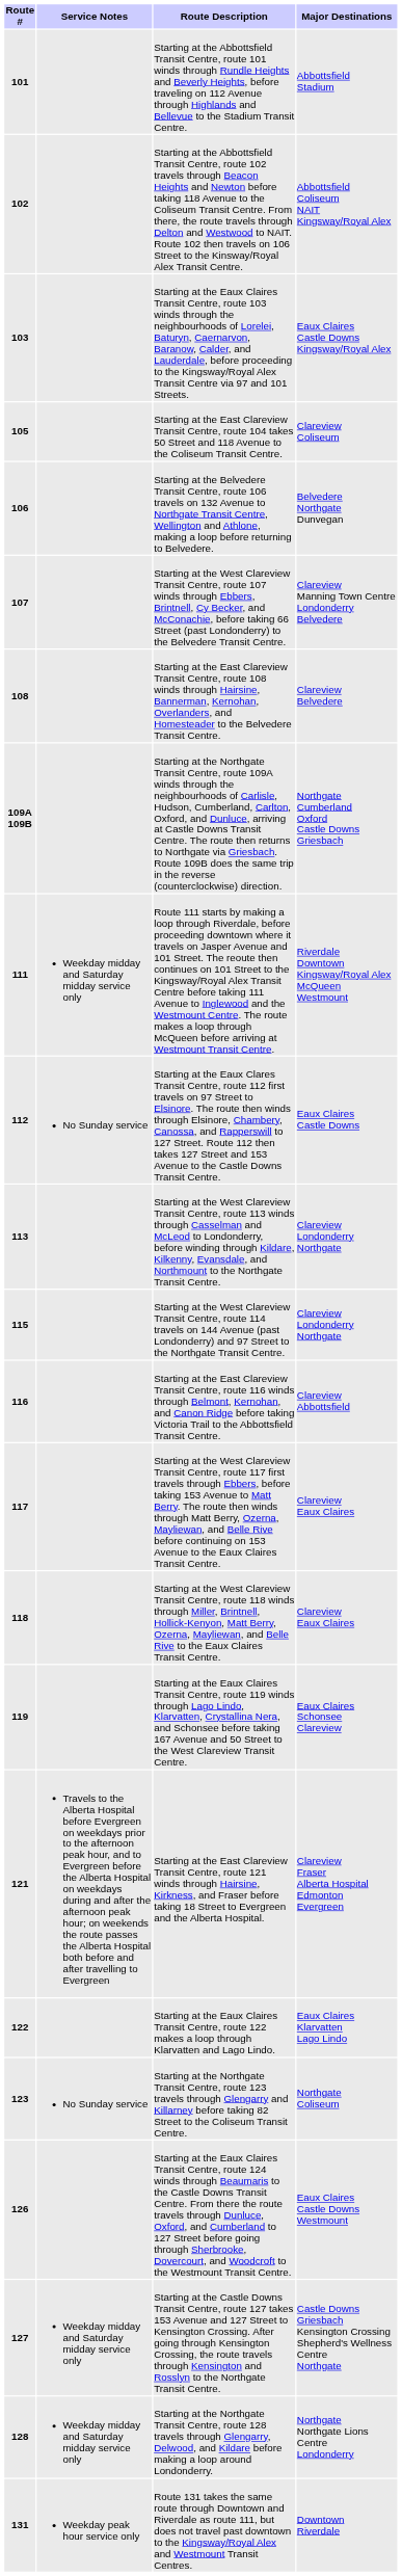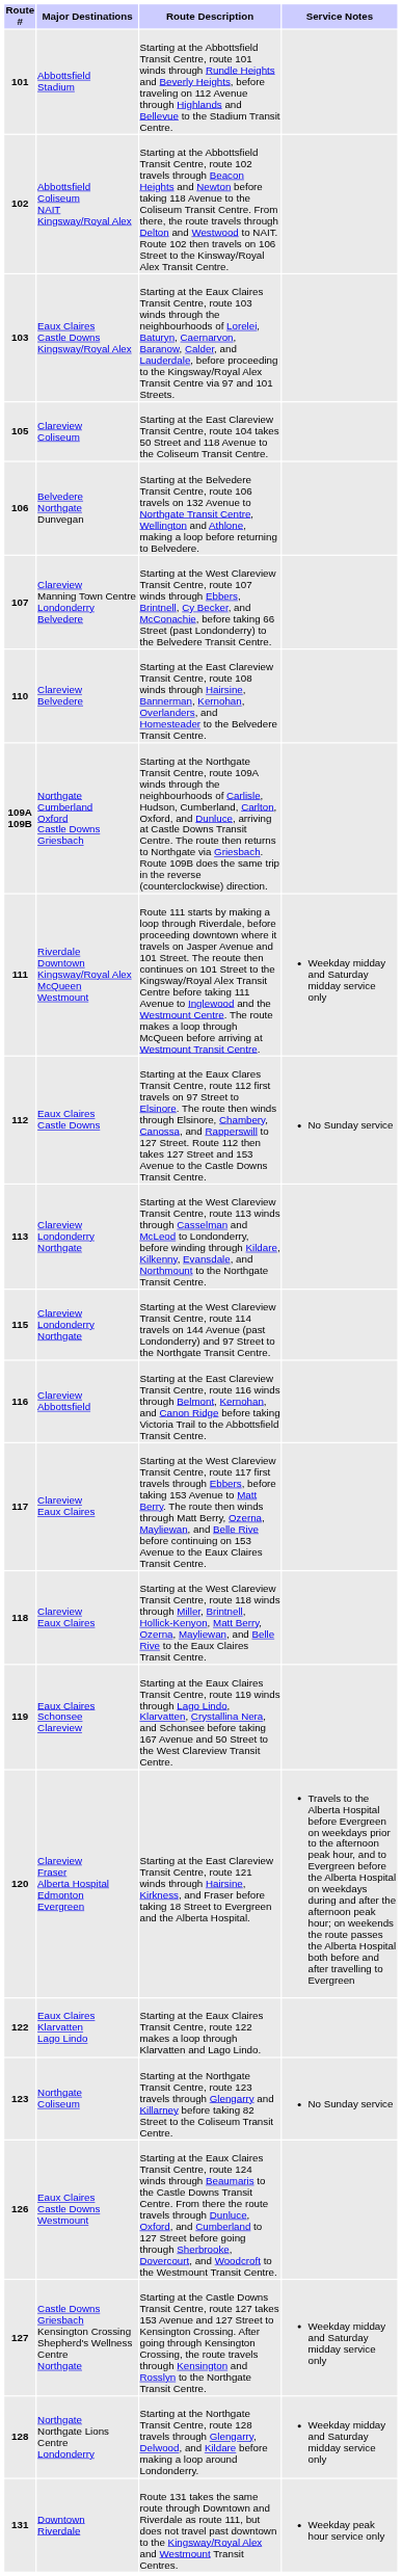 <table>
 <tr bgcolor="#ccccff">
 <th width="50" align="center"><strong>Route #</strong></th>
+<td width="220" align="center"><strong>Major Destinations</strong></td>
+<td width="350" align="center"><strong>Route Description</strong></td>
 <td width="275" align="center"><strong>Service Notes</strong></td>
-<td width="350" align="center"><strong>Route Description</strong></td>
-<td width="220" align="center"><strong>Major Destinations</strong></td>
 </tr>
 <tr bgcolor="#eaeaea">
 <td align="center"><strong>101</strong></td>
+<td><a href='#'>Abbottsfield</a><br><a href='#'>Stadium</a></td>
+<td><br>Starting at the Abbottsfield Transit Centre, route 101 winds through <a href='#'>Rundle Heights</a> and <a href='#'>Beverly Heights</a>, before traveling on 112 Avenue through <a href='#'>Highlands</a> and <a href='#'>Bellevue</a> to the Stadium Transit Centre.</td>
 <td></td>
-<td><br>Starting at the Abbottsfield Transit Centre, route 101 winds through <a href='#'>Rundle Heights</a> and <a href='#'>Beverly Heights</a>, before traveling on 112 Avenue through <a href='#'>Highlands</a> and <a href='#'>Bellevue</a> to the Stadium Transit Centre.</td>
-<td><a href='#'>Abbottsfield</a><br><a href='#'>Stadium</a></td>
 </tr>
 <tr bgcolor="#eaeaea">
 <td align="center"><strong>102</strong></td>
+<td><a href='#'>Abbottsfield</a><br><a href='#'>Coliseum</a><br><a href='#'>NAIT</a><br><a href='#'>Kingsway/Royal Alex</a></td>
+<td><br>Starting at the Abbottsfield Transit Centre, route 102 travels through <a href='#'>Beacon Heights</a> and <a href='#'>Newton</a> before taking 118 Avenue to the Coliseum Transit Centre. From there, the route travels through <a href='#'>Delton</a> and <a href='#'>Westwood</a> to NAIT. Route 102 then travels on 106 Street to the Kinsway/Royal Alex Transit Centre.</td>
 <td></td>
-<td><br>Starting at the Abbottsfield Transit Centre, route 102 travels through <a href='#'>Beacon Heights</a> and <a href='#'>Newton</a> before taking 118 Avenue to the Coliseum Transit Centre. From there, the route travels through <a href='#'>Delton</a> and <a href='#'>Westwood</a> to NAIT. Route 102 then travels on 106 Street to the Kinsway/Royal Alex Transit Centre.</td>
-<td><a href='#'>Abbottsfield</a><br><a href='#'>Coliseum</a><br><a href='#'>NAIT</a><br><a href='#'>Kingsway/Royal Alex</a></td>
 </tr>
 <tr bgcolor="#eaeaea">
 <td align="center"><strong>103</strong></td>
+<td><a href='#'>Eaux Claires</a><br><a href='#'>Castle Downs</a><br><a href='#'>Kingsway/Royal Alex</a></td>
+<td><br>Starting at the Eaux Claires Transit Centre, route 103 winds through the neighbourhoods of <a href='#'>Lorelei</a>, <a href='#'>Baturyn</a>, <a href='#'>Caernarvon</a>, <a href='#'>Baranow</a>, <a href='#'>Calder</a>, and <a href='#'>Lauderdale</a>, before proceeding to the Kingsway/Royal Alex Transit Centre via 97 and 101 Streets.</td>
 <td></td>
-<td><br>Starting at the Eaux Claires Transit Centre, route 103 winds through the neighbourhoods of <a href='#'>Lorelei</a>, <a href='#'>Baturyn</a>, <a href='#'>Caernarvon</a>, <a href='#'>Baranow</a>, <a href='#'>Calder</a>, and <a href='#'>Lauderdale</a>, before proceeding to the Kingsway/Royal Alex Transit Centre via 97 and 101 Streets.</td>
-<td><a href='#'>Eaux Claires</a><br><a href='#'>Castle Downs</a><br><a href='#'>Kingsway/Royal Alex</a></td>
 </tr>
 <tr bgcolor="#eaeaea">
 <td align="center"><strong>105</strong></td>
+<td><a href='#'>Clareview</a><br><a href='#'>Coliseum</a></td>
+<td><br>Starting at the East Clareview Transit Centre, route 104 takes 50 Street and 118 Avenue to the Coliseum Transit Centre.</td>
 <td></td>
-<td><br>Starting at the East Clareview Transit Centre, route 104 takes 50 Street and 118 Avenue to the Coliseum Transit Centre.</td>
-<td><a href='#'>Clareview</a><br><a href='#'>Coliseum</a></td>
 </tr>
 <tr bgcolor="#eaeaea">
 <td align="center"><strong>106</strong></td>
+<td><a href='#'>Belvedere</a><br><a href='#'>Northgate</a><br>Dunvegan</td>
+<td><br>Starting at the Belvedere Transit Centre, route 106 travels on 132 Avenue to <a href='#'>Northgate Transit Centre</a>, <a href='#'>Wellington</a> and <a href='#'>Athlone</a>, making a loop before returning to Belvedere.</td>
 <td></td>
-<td><br>Starting at the Belvedere Transit Centre, route 106 travels on 132 Avenue to <a href='#'>Northgate Transit Centre</a>, <a href='#'>Wellington</a> and <a href='#'>Athlone</a>, making a loop before returning to Belvedere.</td>
-<td><a href='#'>Belvedere</a><br><a href='#'>Northgate</a><br>Dunvegan</td>
 </tr>
 <tr bgcolor="#eaeaea">
 <td align="center"><strong>107</strong></td>
+<td><a href='#'>Clareview</a><br>Manning Town Centre<br><a href='#'>Londonderry</a><br><a href='#'>Belvedere</a></td>
+<td><br>Starting at the West Clareview Transit Centre, route 107 winds through <a href='#'>Ebbers</a>, <a href='#'>Brintnell</a>, <a href='#'>Cy Becker</a>, and <a href='#'>McConachie</a>, before taking 66 Street (past Londonderry) to the Belvedere Transit Centre.</td>
 <td></td>
-<td><br>Starting at the West Clareview Transit Centre, route 107 winds through <a href='#'>Ebbers</a>, <a href='#'>Brintnell</a>, <a href='#'>Cy Becker</a>, and <a href='#'>McConachie</a>, before taking 66 Street (past Londonderry) to the Belvedere Transit Centre.</td>
-<td><a href='#'>Clareview</a><br>Manning Town Centre<br><a href='#'>Londonderry</a><br><a href='#'>Belvedere</a></td>
 </tr>
 <tr bgcolor="#eaeaea">
-<td align="center"><strong>108</strong></td>
+<td align="center"><strong>110</strong></td>
+<td><a href='#'>Clareview</a><br><a href='#'>Belvedere</a></td>
+<td><br>Starting at the East Clareview Transit Centre, route 108 winds through <a href='#'>Hairsine</a>, <a href='#'>Bannerman</a>, <a href='#'>Kernohan</a>, <a href='#'>Overlanders</a>, and <a href='#'>Homesteader</a> to the Belvedere Transit Centre.</td>
 <td></td>
-<td><br>Starting at the East Clareview Transit Centre, route 108 winds through <a href='#'>Hairsine</a>, <a href='#'>Bannerman</a>, <a href='#'>Kernohan</a>, <a href='#'>Overlanders</a>, and <a href='#'>Homesteader</a> to the Belvedere Transit Centre.</td>
-<td><a href='#'>Clareview</a><br><a href='#'>Belvedere</a></td>
 </tr>
 <tr bgcolor="#eaeaea">
 <td align="center"><strong>109A</strong><br><strong>109B</strong></td>
+<td><a href='#'>Northgate</a><br><a href='#'>Cumberland</a><br><a href='#'>Oxford</a><br><a href='#'>Castle Downs</a><br><a href='#'>Griesbach</a></td>
+<td><br>Starting at the Northgate Transit Centre, route 109A winds through the neighbourhoods of <a href='#'>Carlisle</a>, Hudson, Cumberland, <a href='#'>Carlton</a>, Oxford, and <a href='#'>Dunluce</a>, arriving at Castle Downs Transit Centre.  The route then returns to Northgate via <a href='#'>Griesbach</a>.  Route 109B does the same trip in the reverse (counterclockwise) direction.</td>
 <td></td>
-<td><br>Starting at the Northgate Transit Centre, route 109A winds through the neighbourhoods of <a href='#'>Carlisle</a>, Hudson, Cumberland, <a href='#'>Carlton</a>, Oxford, and <a href='#'>Dunluce</a>, arriving at Castle Downs Transit Centre.  The route then returns to Northgate via <a href='#'>Griesbach</a>.  Route 109B does the same trip in the reverse (counterclockwise) direction.</td>
-<td><a href='#'>Northgate</a><br><a href='#'>Cumberland</a><br><a href='#'>Oxford</a><br><a href='#'>Castle Downs</a><br><a href='#'>Griesbach</a></td>
 </tr>
 <tr bgcolor="#eaeaea">
 <td align="center"><strong>111</strong></td>
+<td><a href='#'>Riverdale</a><br><a href='#'>Downtown</a><br><a href='#'>Kingsway/Royal Alex</a><br><a href='#'>McQueen</a><br><a href='#'>Westmount</a></td>
+<td><br>Route 111 starts by making a loop through Riverdale, before proceeding downtown where it travels on Jasper Avenue and 101 Street. The reoute then continues on 101 Street to the Kingsway/Royal Alex Transit Centre before taking 111 Avenue to <a href='#'>Inglewood</a> and the <a href='#'>Westmount Centre</a>. The route makes a loop through McQueen before arriving at <a href='#'>Westmount Transit Centre</a>.</td>
 <td><br><ul><li>Weekday midday and Saturday midday service only</li></ul></td>
-<td><br>Route 111 starts by making a loop through Riverdale, before proceeding downtown where it travels on Jasper Avenue and 101 Street. The reoute then continues on 101 Street to the Kingsway/Royal Alex Transit Centre before taking 111 Avenue to <a href='#'>Inglewood</a> and the <a href='#'>Westmount Centre</a>. The route makes a loop through McQueen before arriving at <a href='#'>Westmount Transit Centre</a>.</td>
-<td><a href='#'>Riverdale</a><br><a href='#'>Downtown</a><br><a href='#'>Kingsway/Royal Alex</a><br><a href='#'>McQueen</a><br><a href='#'>Westmount</a></td>
 </tr>
 <tr bgcolor="#eaeaea">
 <td align="center"><strong>112</strong></td>
+<td><a href='#'>Eaux Claires</a><br><a href='#'>Castle Downs</a></td>
+<td><br>Starting at the Eaux Clares Transit Centre, route 112 first travels on 97 Street to <a href='#'>Elsinore</a>. The route then winds through Elsinore, <a href='#'>Chambery</a>, <a href='#'>Canossa</a>, and <a href='#'>Rapperswill</a> to 127 Street. Route 112 then takes 127 Street and 153 Avenue to the Castle Downs Transit Centre.</td>
 <td><br><ul><li>No Sunday service</li></ul></td>
-<td><br>Starting at the Eaux Clares Transit Centre, route 112 first travels on 97 Street to <a href='#'>Elsinore</a>. The route then winds through Elsinore, <a href='#'>Chambery</a>, <a href='#'>Canossa</a>, and <a href='#'>Rapperswill</a> to 127 Street. Route 112 then takes 127 Street and 153 Avenue to the Castle Downs Transit Centre.</td>
-<td><a href='#'>Eaux Claires</a><br><a href='#'>Castle Downs</a></td>
 </tr>
 <tr bgcolor="#eaeaea">
 <td align="center"><strong>113</strong></td>
+<td><a href='#'>Clareview</a><br><a href='#'>Londonderry</a><br><a href='#'>Northgate</a></td>
+<td><br>Starting at the West Clareview Transit Centre, route 113 winds through <a href='#'>Casselman</a> and <a href='#'>McLeod</a> to Londonderry, before winding through <a href='#'>Kildare</a>, <a href='#'>Kilkenny</a>, <a href='#'>Evansdale</a>, and <a href='#'>Northmount</a> to the Northgate Transit Centre.</td>
 <td></td>
-<td><br>Starting at the West Clareview Transit Centre, route 113 winds through <a href='#'>Casselman</a> and <a href='#'>McLeod</a> to Londonderry, before winding through <a href='#'>Kildare</a>, <a href='#'>Kilkenny</a>, <a href='#'>Evansdale</a>, and <a href='#'>Northmount</a> to the Northgate Transit Centre.</td>
-<td><a href='#'>Clareview</a><br><a href='#'>Londonderry</a><br><a href='#'>Northgate</a></td>
 </tr>
 <tr bgcolor="#eaeaea">
 <td align="center"><strong>115</strong></td>
+<td><a href='#'>Clareview</a><br><a href='#'>Londonderry</a><br><a href='#'>Northgate</a></td>
+<td><br>Starting at the West Clareview Transit Centre, route 114 travels on 144 Avenue (past Londonderry) and 97 Street to the Northgate Transit Centre.</td>
 <td></td>
-<td><br>Starting at the West Clareview Transit Centre, route 114 travels on 144 Avenue (past Londonderry) and 97 Street to the Northgate Transit Centre.</td>
-<td><a href='#'>Clareview</a><br><a href='#'>Londonderry</a><br><a href='#'>Northgate</a></td>
 </tr>
 <tr bgcolor="#eaeaea">
 <td align="center"><strong>116</strong></td>
+<td><a href='#'>Clareview</a><br><a href='#'>Abbottsfield</a></td>
+<td><br>Starting at the East Clareview Transit Centre, route 116 winds through <a href='#'>Belmont</a>, <a href='#'>Kernohan</a>, and <a href='#'>Canon Ridge</a> before taking Victoria Trail to the Abbottsfield Transit Centre.</td>
 <td></td>
-<td><br>Starting at the East Clareview Transit Centre, route 116 winds through <a href='#'>Belmont</a>, <a href='#'>Kernohan</a>, and <a href='#'>Canon Ridge</a> before taking Victoria Trail to the Abbottsfield Transit Centre.</td>
-<td><a href='#'>Clareview</a><br><a href='#'>Abbottsfield</a></td>
 </tr>
 <tr bgcolor="#eaeaea">
 <td align="center"><strong>117</strong></td>
+<td><a href='#'>Clareview</a><br><a href='#'>Eaux Claires</a></td>
+<td><br>Starting at the West Clareview Transit Centre, route 117 first travels through <a href='#'>Ebbers</a>, before taking 153 Avenue to <a href='#'>Matt Berry</a>. The route then winds through Matt Berry, <a href='#'>Ozerna</a>, <a href='#'>Mayliewan</a>, and <a href='#'>Belle Rive</a> before continuing on 153 Avenue to the Eaux Claires Transit Centre.</td>
 <td></td>
-<td><br>Starting at the West Clareview Transit Centre, route 117 first travels through <a href='#'>Ebbers</a>, before taking 153 Avenue to <a href='#'>Matt Berry</a>. The route then winds through Matt Berry, <a href='#'>Ozerna</a>, <a href='#'>Mayliewan</a>, and <a href='#'>Belle Rive</a> before continuing on 153 Avenue to the Eaux Claires Transit Centre.</td>
-<td><a href='#'>Clareview</a><br><a href='#'>Eaux Claires</a></td>
 </tr>
 <tr bgcolor="#eaeaea">
 <td align="center"><strong>118</strong></td>
+<td><a href='#'>Clareview</a><br><a href='#'>Eaux Claires</a></td>
+<td><br>Starting at the West Clareview Transit Centre, route 118 winds through <a href='#'>Miller</a>, <a href='#'>Brintnell</a>, <a href='#'>Hollick-Kenyon</a>, <a href='#'>Matt Berry</a>, <a href='#'>Ozerna</a>, <a href='#'>Mayliewan</a>, and <a href='#'>Belle Rive</a> to the Eaux Claires Transit Centre.</td>
 <td></td>
-<td><br>Starting at the West Clareview Transit Centre, route 118 winds through <a href='#'>Miller</a>, <a href='#'>Brintnell</a>, <a href='#'>Hollick-Kenyon</a>, <a href='#'>Matt Berry</a>, <a href='#'>Ozerna</a>, <a href='#'>Mayliewan</a>, and <a href='#'>Belle Rive</a> to the Eaux Claires Transit Centre.</td>
-<td><a href='#'>Clareview</a><br><a href='#'>Eaux Claires</a></td>
 </tr>
 <tr bgcolor="#eaeaea">
 <td align="center"><strong>119</strong></td>
+<td><a href='#'>Eaux Claires</a><br><a href='#'>Schonsee</a><br><a href='#'>Clareview</a></td>
+<td><br>Starting at the Eaux Claires Transit Centre, route 119 winds through <a href='#'>Lago Lindo</a>, <a href='#'>Klarvatten</a>, <a href='#'>Crystallina Nera</a>, and Schonsee before taking 167 Avenue and 50 Street to the West Clareview Transit Centre.</td>
 <td></td>
-<td><br>Starting at the Eaux Claires Transit Centre, route 119 winds through <a href='#'>Lago Lindo</a>, <a href='#'>Klarvatten</a>, <a href='#'>Crystallina Nera</a>, and Schonsee before taking 167 Avenue and 50 Street to the West Clareview Transit Centre.</td>
-<td><a href='#'>Eaux Claires</a><br><a href='#'>Schonsee</a><br><a href='#'>Clareview</a></td>
 </tr>
 <tr bgcolor="#eaeaea">
-<td align="center"><strong>121</strong></td>
+<td align="center"><strong>120</strong></td>
+<td><a href='#'>Clareview</a><br><a href='#'>Fraser</a><br><a href='#'>Alberta Hospital Edmonton</a><br><a href='#'>Evergreen</a></td>
+<td><br>Starting at the East Clareview Transit Centre, route 121 winds through <a href='#'>Hairsine</a>, <a href='#'>Kirkness</a>, and Fraser before taking 18 Street to Evergreen and the Alberta Hospital.</td>
 <td><br><ul><li>Travels to the Alberta Hospital before Evergreen on weekdays prior to the afternoon peak hour, and to Evergreen before the Alberta Hospital on weekdays during and after the afternoon peak hour; on weekends the route passes the Alberta Hospital both before and after travelling to Evergreen</li></ul></td>
-<td><br>Starting at the East Clareview Transit Centre, route 121 winds through <a href='#'>Hairsine</a>, <a href='#'>Kirkness</a>, and Fraser before taking 18 Street to Evergreen and the Alberta Hospital.</td>
-<td><a href='#'>Clareview</a><br><a href='#'>Fraser</a><br><a href='#'>Alberta Hospital Edmonton</a><br><a href='#'>Evergreen</a></td>
 </tr>
 <tr bgcolor="#eaeaea">
 <td align="center"><strong>122</strong></td>
+<td><a href='#'>Eaux Claires</a><br><a href='#'>Klarvatten</a><br><a href='#'>Lago Lindo</a></td>
+<td><br>Starting at the Eaux Claires Transit Centre, route 122 makes a loop through Klarvatten and Lago Lindo.</td>
 <td></td>
-<td><br>Starting at the Eaux Claires Transit Centre, route 122 makes a loop through Klarvatten and Lago Lindo.</td>
-<td><a href='#'>Eaux Claires</a><br><a href='#'>Klarvatten</a><br><a href='#'>Lago Lindo</a></td>
 </tr>
 <tr bgcolor="#eaeaea">
 <td align="center"><strong>123</strong></td>
+<td><a href='#'>Northgate</a><br><a href='#'>Coliseum</a></td>
+<td><br>Starting at the Northgate Transit Centre, route 123 travels through <a href='#'>Glengarry</a> and <a href='#'>Killarney</a> before taking 82 Street to the Coliseum Transit Centre.</td>
 <td><br><ul><li>No Sunday service</li></ul></td>
-<td><br>Starting at the Northgate Transit Centre, route 123 travels through <a href='#'>Glengarry</a> and <a href='#'>Killarney</a> before taking 82 Street to the Coliseum Transit Centre.</td>
-<td><a href='#'>Northgate</a><br><a href='#'>Coliseum</a></td>
 </tr>
 <tr bgcolor="#eaeaea">
 <td align="center"><strong>126</strong></td>
+<td><a href='#'>Eaux Claires</a><br><a href='#'>Castle Downs</a><br><a href='#'>Westmount</a></td>
+<td><br>Starting at the Eaux Claires Transit Centre, route 124 winds through <a href='#'>Beaumaris</a> to the Castle Downs Transit Centre. From there the route travels through <a href='#'>Dunluce</a>, <a href='#'>Oxford</a>, and <a href='#'>Cumberland</a> to 127 Street before going through <a href='#'>Sherbrooke</a>, <a href='#'>Dovercourt</a>, and <a href='#'>Woodcroft</a> to the Westmount Transit Centre.</td>
 <td></td>
-<td><br>Starting at the Eaux Claires Transit Centre, route 124 winds through <a href='#'>Beaumaris</a> to the Castle Downs Transit Centre. From there the route travels through <a href='#'>Dunluce</a>, <a href='#'>Oxford</a>, and <a href='#'>Cumberland</a> to 127 Street before going through <a href='#'>Sherbrooke</a>, <a href='#'>Dovercourt</a>, and <a href='#'>Woodcroft</a> to the Westmount Transit Centre.</td>
-<td><a href='#'>Eaux Claires</a><br><a href='#'>Castle Downs</a><br><a href='#'>Westmount</a></td>
 </tr>
 <tr bgcolor="#eaeaea">
 <td align="center"><strong>127</strong></td>
+<td><a href='#'>Castle Downs</a><br><a href='#'>Griesbach</a><br>Kensington Crossing<br>Shepherd's Wellness Centre<br><a href='#'>Northgate</a></td>
+<td><br>Starting at the Castle Downs Transit Centre, route 127 takes 153 Avenue and 127 Street to Kensington Crossing. After going through Kensington Crossing, the route travels through <a href='#'>Kensington</a> and <a href='#'>Rosslyn</a> to the Northgate Transit Centre.</td>
 <td><br><ul><li>Weekday midday and Saturday midday service only</li></ul></td>
-<td><br>Starting at the Castle Downs Transit Centre, route 127 takes 153 Avenue and 127 Street to Kensington Crossing. After going through Kensington Crossing, the route travels through <a href='#'>Kensington</a> and <a href='#'>Rosslyn</a> to the Northgate Transit Centre.</td>
-<td><a href='#'>Castle Downs</a><br><a href='#'>Griesbach</a><br>Kensington Crossing<br>Shepherd's Wellness Centre<br><a href='#'>Northgate</a></td>
 </tr>
 <tr bgcolor="#eaeaea">
 <td align="center"><strong>128</strong></td>
+<td><a href='#'>Northgate</a><br>Northgate Lions Centre<br><a href='#'>Londonderry</a></td>
+<td><br>Starting at the Northgate Transit Centre, route 128 travels through <a href='#'>Glengarry</a>, <a href='#'>Delwood</a>, and <a href='#'>Kildare</a> before making a loop around Londonderry.</td>
 <td><br><ul><li>Weekday midday and Saturday midday service only</li></ul></td>
-<td><br>Starting at the Northgate Transit Centre, route 128 travels through <a href='#'>Glengarry</a>, <a href='#'>Delwood</a>, and <a href='#'>Kildare</a> before making a loop around Londonderry.</td>
-<td><a href='#'>Northgate</a><br>Northgate Lions Centre<br><a href='#'>Londonderry</a></td>
 </tr>
 <tr bgcolor="#eaeaea">
 <td align="center"><strong>131</strong></td>
+<td><a href='#'>Downtown</a><br><a href='#'>Riverdale</a></td>
+<td><br>Route 131 takes the same route through Downtown and Riverdale as route 111, but does not travel past downtown to the <a href='#'>Kingsway/Royal Alex</a> and <a href='#'>Westmount</a> Transit Centres.</td>
 <td><br><ul><li>Weekday peak hour service only</li></ul></td>
-<td><br>Route 131 takes the same route through Downtown and Riverdale as route 111, but does not travel past downtown to the <a href='#'>Kingsway/Royal Alex</a> and <a href='#'>Westmount</a> Transit Centres.</td>
-<td><a href='#'>Downtown</a><br><a href='#'>Riverdale</a></td>
 </tr>
 </table>
